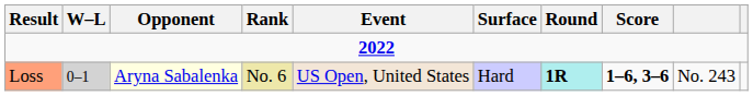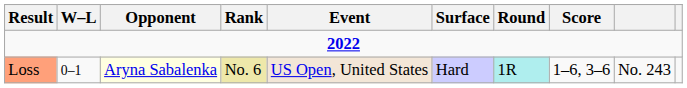 <table class="wikitable">
 <tr>
 <th>Result</th>
 <th>W–L</th>
 <th>Opponent</th>
 <th>Rank</th>
 <th>Event</th>
 <th>Surface</th>
 <th>Round</th>
 <th>Score</th>
 <th></th>
 <th></th>
 </tr>
 <tr>
 <td colspan="10" style="text-align:center"><strong><a href='#'>2022</a></strong></td>
 </tr>
 <tr>
 <td bgcolor="ffa07a">Loss</td>
-<td style="background: lightgrey;"><small>0–1</small></td>
+<td><small>0–1</small></td>
 <td style="background: lightyellow;"> <a href='#'>Aryna Sabalenka</a></td>
 <td bgcolor=#eee8aa>No. 6</td>
 <td bgcolor=f3e6d7><a href='#'>US Open</a>, United States</td>
 <td bgcolor="#ccccff">Hard</td>
-<td bgcolor=afeeee><strong>1R</strong></td>
-<td><strong>1–6, 3–6</strong></td>
+<td bgcolor=afeeee>1R</td>
+<td>1–6, 3–6</td>
 <td>No. 243</td>
 <td></td>
 </tr>
 </table>
